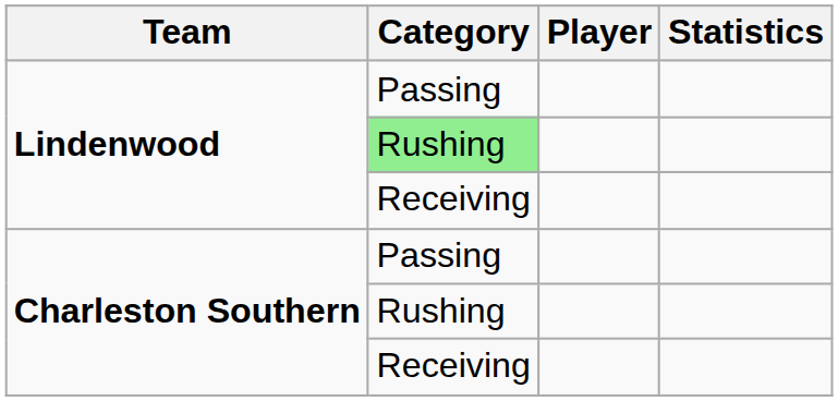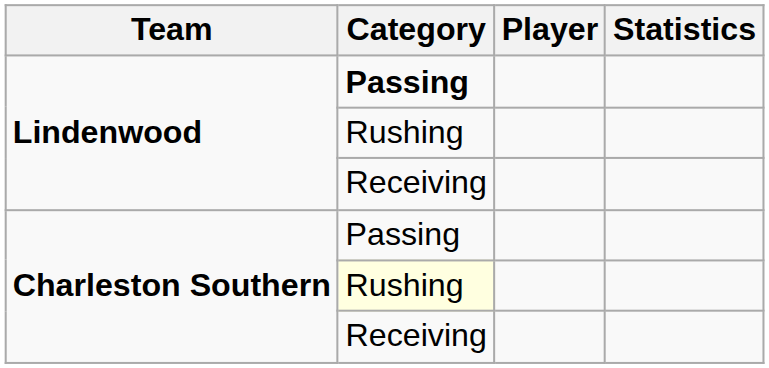 <table class="wikitable" style="float: right;">
 <tr>
 <th>Team</th>
 <th>Category</th>
 <th>Player</th>
 <th>Statistics</th>
 </tr>
 <tr>
 <td rowspan=3><strong>Lindenwood</strong></td>
-<td>Passing</td>
+<td><strong>Passing</strong></td>
 <td></td>
 <td></td>
 </tr>
 <tr>
-<td style="background: lightgreen;">Rushing</td>
+<td>Rushing</td>
 <td></td>
 <td></td>
 </tr>
 <tr>
 <td>Receiving</td>
 <td></td>
 <td></td>
 </tr>
 <tr>
 <td rowspan=3><strong>Charleston Southern</strong></td>
 <td>Passing</td>
 <td></td>
 <td></td>
 </tr>
 <tr>
-<td>Rushing</td>
+<td style="background: lightyellow;">Rushing</td>
 <td></td>
 <td></td>
 </tr>
 <tr>
 <td>Receiving</td>
 <td></td>
 <td></td>
 </tr>
 </table>
